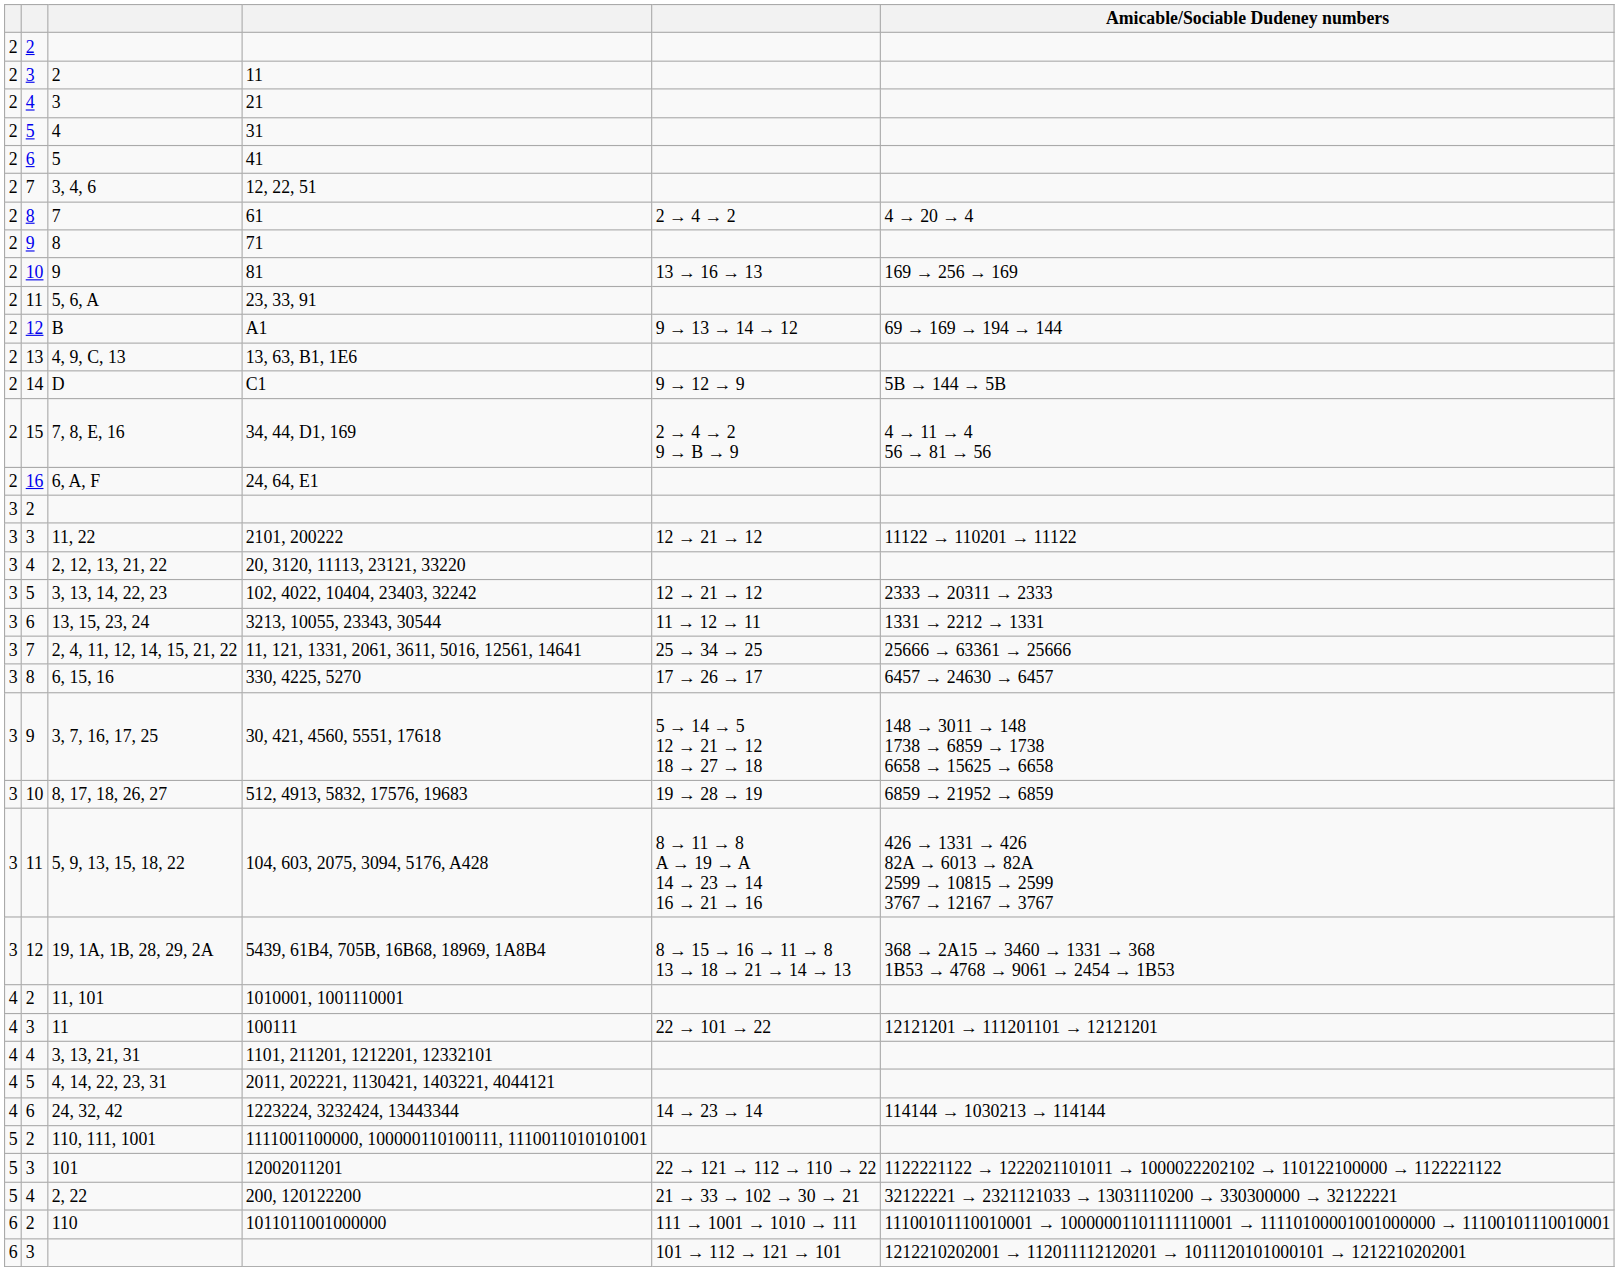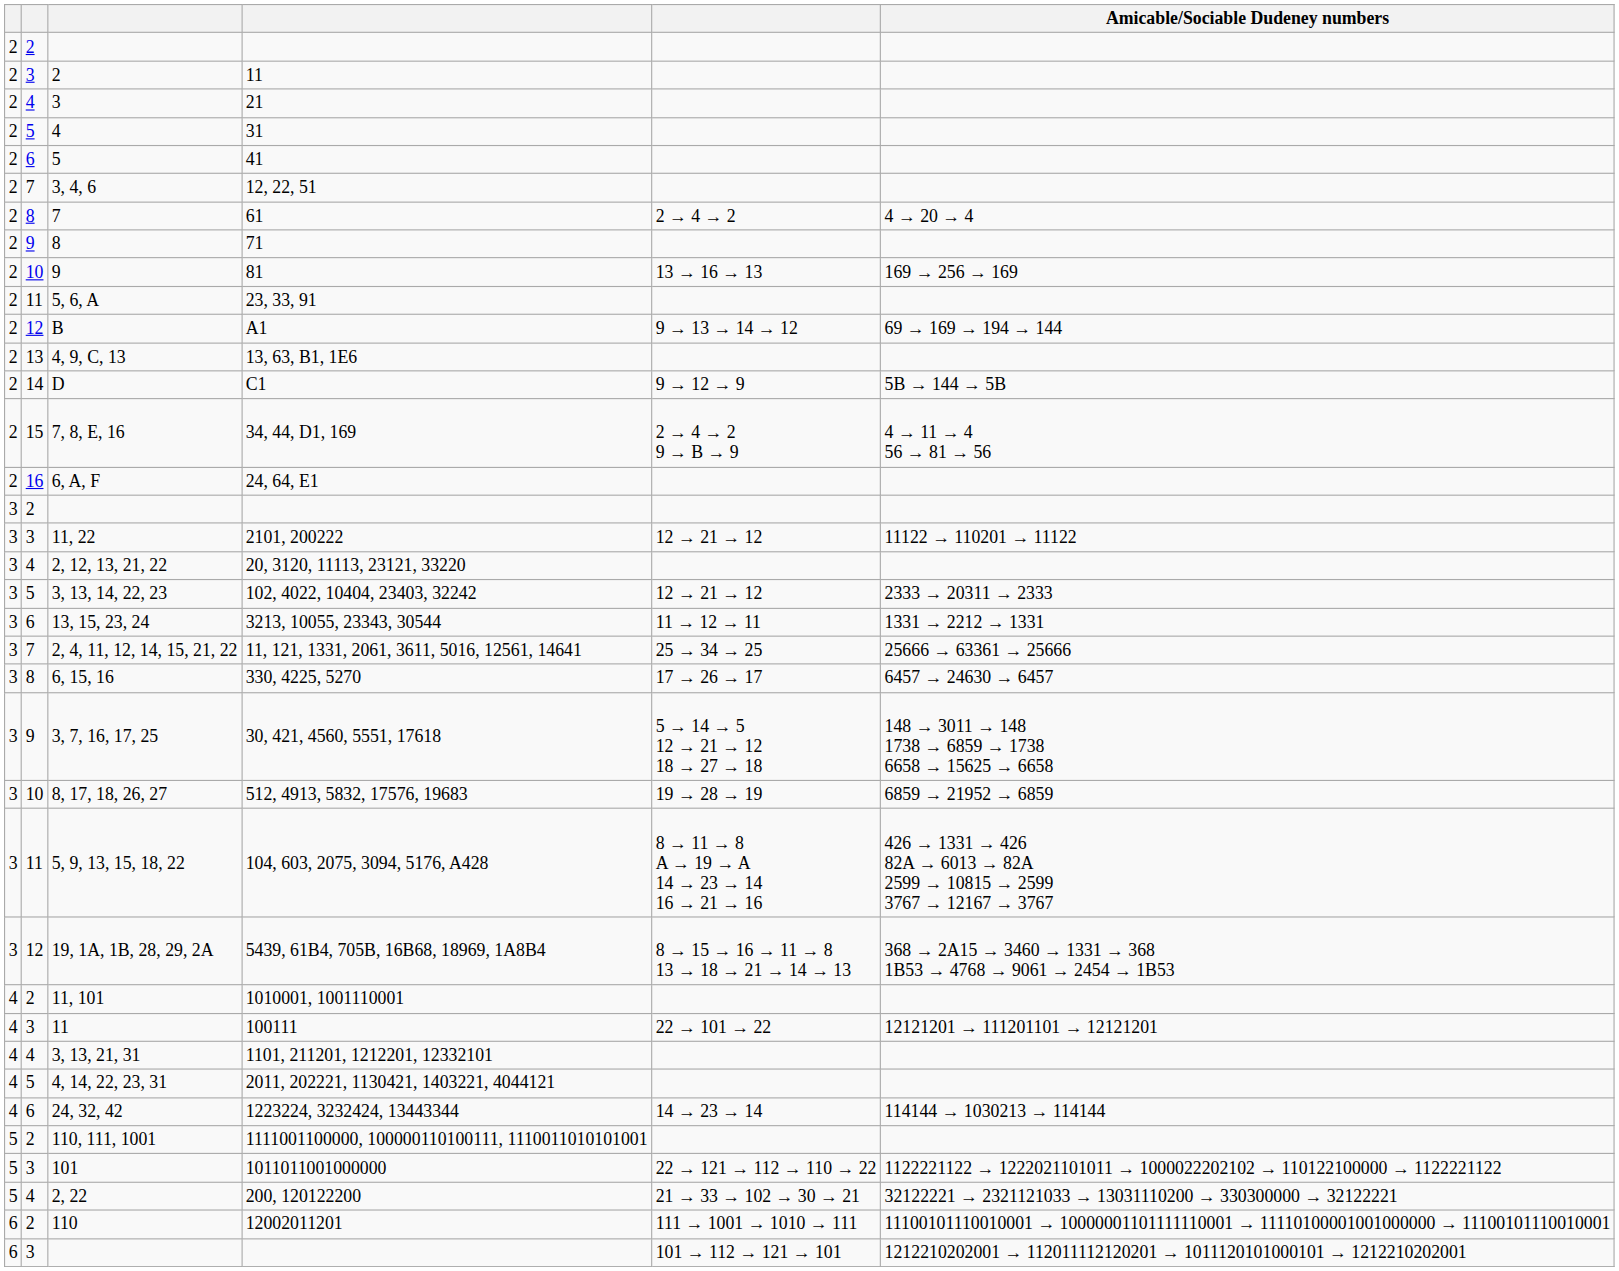 <table class="wikitable">
 <tr>
 <th></th>
 <th></th>
 <th></th>
 <th></th>
 <th></th>
 <th>Amicable/Sociable Dudeney numbers</th>
 </tr>
 <tr ---->
 <td>2</td>
 <td><a href='#'>2</a></td>
 <td></td>
 <td></td>
 <td></td>
 <td></td>
 </tr>
 <tr ---->
 <td>2</td>
 <td><a href='#'>3</a></td>
 <td>2</td>
 <td>11</td>
 <td></td>
 <td></td>
 </tr>
 <tr ---->
 <td>2</td>
 <td><a href='#'>4</a></td>
 <td>3</td>
 <td>21</td>
 <td></td>
 <td></td>
 </tr>
 <tr ---->
 <td>2</td>
 <td><a href='#'>5</a></td>
 <td>4</td>
 <td>31</td>
 <td></td>
 <td></td>
 </tr>
 <tr ---->
 <td>2</td>
 <td><a href='#'>6</a></td>
 <td>5</td>
 <td>41</td>
 <td></td>
 <td></td>
 </tr>
 <tr ---->
 <td>2</td>
 <td>7</td>
 <td>3, 4, 6</td>
 <td>12, 22, 51</td>
 <td></td>
 <td></td>
 </tr>
 <tr ---->
 <td>2</td>
 <td><a href='#'>8</a></td>
 <td>7</td>
 <td>61</td>
 <td>2 → 4 → 2</td>
 <td>4 → 20 → 4</td>
 </tr>
 <tr ---->
 <td>2</td>
 <td><a href='#'>9</a></td>
 <td>8</td>
 <td>71</td>
 <td></td>
 <td></td>
 </tr>
 <tr ---->
 <td>2</td>
 <td><a href='#'>10</a></td>
 <td>9</td>
 <td>81</td>
 <td>13 → 16 → 13</td>
 <td>169 → 256 → 169</td>
 </tr>
 <tr ---->
 <td>2</td>
 <td>11</td>
 <td>5, 6, A</td>
 <td>23, 33, 91</td>
 <td></td>
 <td></td>
 </tr>
 <tr ---->
 <td>2</td>
 <td><a href='#'>12</a></td>
 <td>B</td>
 <td>A1</td>
 <td>9 → 13 → 14 → 12</td>
 <td>69 → 169 → 194 → 144</td>
 </tr>
 <tr ---->
 <td>2</td>
 <td>13</td>
 <td>4, 9, C, 13</td>
 <td>13, 63, B1, 1E6</td>
 <td></td>
 <td></td>
 </tr>
 <tr ---->
 <td>2</td>
 <td>14</td>
 <td>D</td>
 <td>C1</td>
 <td>9 → 12 → 9</td>
 <td>5B → 144 → 5B</td>
 </tr>
 <tr ---->
 <td>2</td>
 <td>15</td>
 <td>7, 8, E, 16</td>
 <td>34, 44, D1, 169</td>
 <td><br>2 → 4 → 2<br>9 → B → 9</td>
 <td><br>4 → 11 → 4<br>56 → 81 → 56</td>
 </tr>
 <tr ---->
 <td>2</td>
 <td><a href='#'>16</a></td>
 <td>6, A, F</td>
 <td>24, 64, E1</td>
 <td></td>
 <td></td>
 </tr>
 <tr ---->
 <td>3</td>
 <td>2</td>
 <td></td>
 <td></td>
 <td></td>
 <td></td>
 </tr>
 <tr ---->
 <td>3</td>
 <td>3</td>
 <td>11, 22</td>
 <td>2101, 200222</td>
 <td>12 → 21 → 12</td>
 <td>11122 → 110201 → 11122</td>
 </tr>
 <tr ---->
 <td>3</td>
 <td>4</td>
 <td>2, 12, 13, 21, 22</td>
 <td>20, 3120, 11113, 23121, 33220</td>
 <td></td>
 <td></td>
 </tr>
 <tr ---->
 <td>3</td>
 <td>5</td>
 <td>3, 13, 14, 22, 23</td>
 <td>102, 4022, 10404, 23403, 32242</td>
 <td>12 → 21 → 12</td>
 <td>2333 → 20311 → 2333</td>
 </tr>
 <tr ---->
 <td>3</td>
 <td>6</td>
 <td>13, 15, 23, 24</td>
 <td>3213, 10055, 23343, 30544</td>
 <td>11 → 12 → 11</td>
 <td>1331 → 2212 → 1331</td>
 </tr>
 <tr ---->
 <td>3</td>
 <td>7</td>
 <td>2, 4, 11, 12, 14, 15, 21, 22</td>
 <td>11, 121, 1331, 2061, 3611, 5016, 12561, 14641</td>
 <td>25 → 34 → 25</td>
 <td>25666 → 63361 → 25666</td>
 </tr>
 <tr ---->
 <td>3</td>
 <td>8</td>
 <td>6, 15, 16</td>
 <td>330, 4225, 5270</td>
 <td>17 → 26 → 17</td>
 <td>6457 → 24630 → 6457</td>
 </tr>
 <tr ---->
 <td>3</td>
 <td>9</td>
 <td>3, 7, 16, 17, 25</td>
 <td>30, 421, 4560, 5551, 17618</td>
 <td><br>5 → 14 → 5<br>12 → 21 → 12<br>18 → 27 → 18</td>
 <td><br>148 → 3011 → 148<br>1738 → 6859 → 1738<br>6658 → 15625 → 6658</td>
 </tr>
 <tr ---->
 <td>3</td>
 <td>10</td>
 <td>8, 17, 18, 26, 27</td>
 <td>512, 4913, 5832, 17576, 19683</td>
 <td>19 → 28 → 19</td>
 <td>6859 → 21952 → 6859</td>
 </tr>
 <tr ---->
 <td>3</td>
 <td>11</td>
 <td>5, 9, 13, 15, 18, 22</td>
 <td>104, 603, 2075, 3094, 5176, A428</td>
 <td><br>8 → 11 → 8<br>A → 19 → A<br>14 → 23 → 14<br>16 → 21 → 16</td>
 <td><br>426 → 1331 → 426<br>82A → 6013 → 82A<br>2599 → 10815 → 2599<br>3767 → 12167 → 3767</td>
 </tr>
 <tr ---->
 <td>3</td>
 <td>12</td>
 <td>19, 1A, 1B, 28, 29, 2A</td>
 <td>5439, 61B4, 705B, 16B68, 18969, 1A8B4</td>
 <td><br>8 → 15 → 16 → 11 → 8<br>13 → 18 → 21 → 14 → 13</td>
 <td><br>368 → 2A15 → 3460 → 1331 → 368<br>1B53 → 4768 → 9061 → 2454 → 1B53</td>
 </tr>
 <tr ---->
 <td>4</td>
 <td>2</td>
 <td>11, 101</td>
 <td>1010001, 1001110001</td>
 <td></td>
 <td></td>
 </tr>
 <tr ---->
 <td>4</td>
 <td>3</td>
 <td>11</td>
 <td>100111</td>
 <td>22 → 101 → 22</td>
 <td>12121201 → 111201101 → 12121201</td>
 </tr>
 <tr ---->
 <td>4</td>
 <td>4</td>
 <td>3, 13, 21, 31</td>
 <td>1101, 211201, 1212201, 12332101</td>
 <td></td>
 <td></td>
 </tr>
 <tr ---->
 <td>4</td>
 <td>5</td>
 <td>4, 14, 22, 23, 31</td>
 <td>2011, 202221, 1130421, 1403221, 4044121</td>
 <td></td>
 <td></td>
 </tr>
 <tr ---->
 <td>4</td>
 <td>6</td>
 <td>24, 32, 42</td>
 <td>1223224, 3232424, 13443344</td>
 <td>14 → 23 → 14</td>
 <td>114144 → 1030213 → 114144</td>
 </tr>
 <tr ---->
 <td>5</td>
 <td>2</td>
 <td>110, 111, 1001</td>
 <td>1111001100000, 100000110100111, 1110011010101001</td>
 <td></td>
 <td></td>
 </tr>
 <tr ---->
 <td>5</td>
 <td>3</td>
 <td>101</td>
-<td>12002011201</td>
+<td>1011011001000000</td>
 <td>22 → 121 → 112 → 110 → 22</td>
 <td>1122221122 → 1222021101011 → 1000022202102 → 110122100000 → 1122221122</td>
 </tr>
 <tr ---->
 <td>5</td>
 <td>4</td>
 <td>2, 22</td>
 <td>200, 120122200</td>
 <td>21 → 33 → 102 → 30 → 21</td>
 <td>32122221 → 2321121033 → 13031110200 → 330300000 → 32122221</td>
 </tr>
 <tr ---->
 <td>6</td>
 <td>2</td>
 <td>110</td>
-<td>1011011001000000</td>
+<td>12002011201</td>
 <td>111 → 1001 → 1010 → 111</td>
 <td>11100101110010001 → 10000001101111110001 → 11110100001001000000 → 11100101110010001</td>
 </tr>
 <tr ---->
 <td>6</td>
 <td>3</td>
 <td></td>
 <td></td>
 <td>101 → 112 → 121 → 101</td>
 <td>1212210202001 → 112011112120201 → 1011120101000101 → 1212210202001</td>
 </tr>
 </table>
